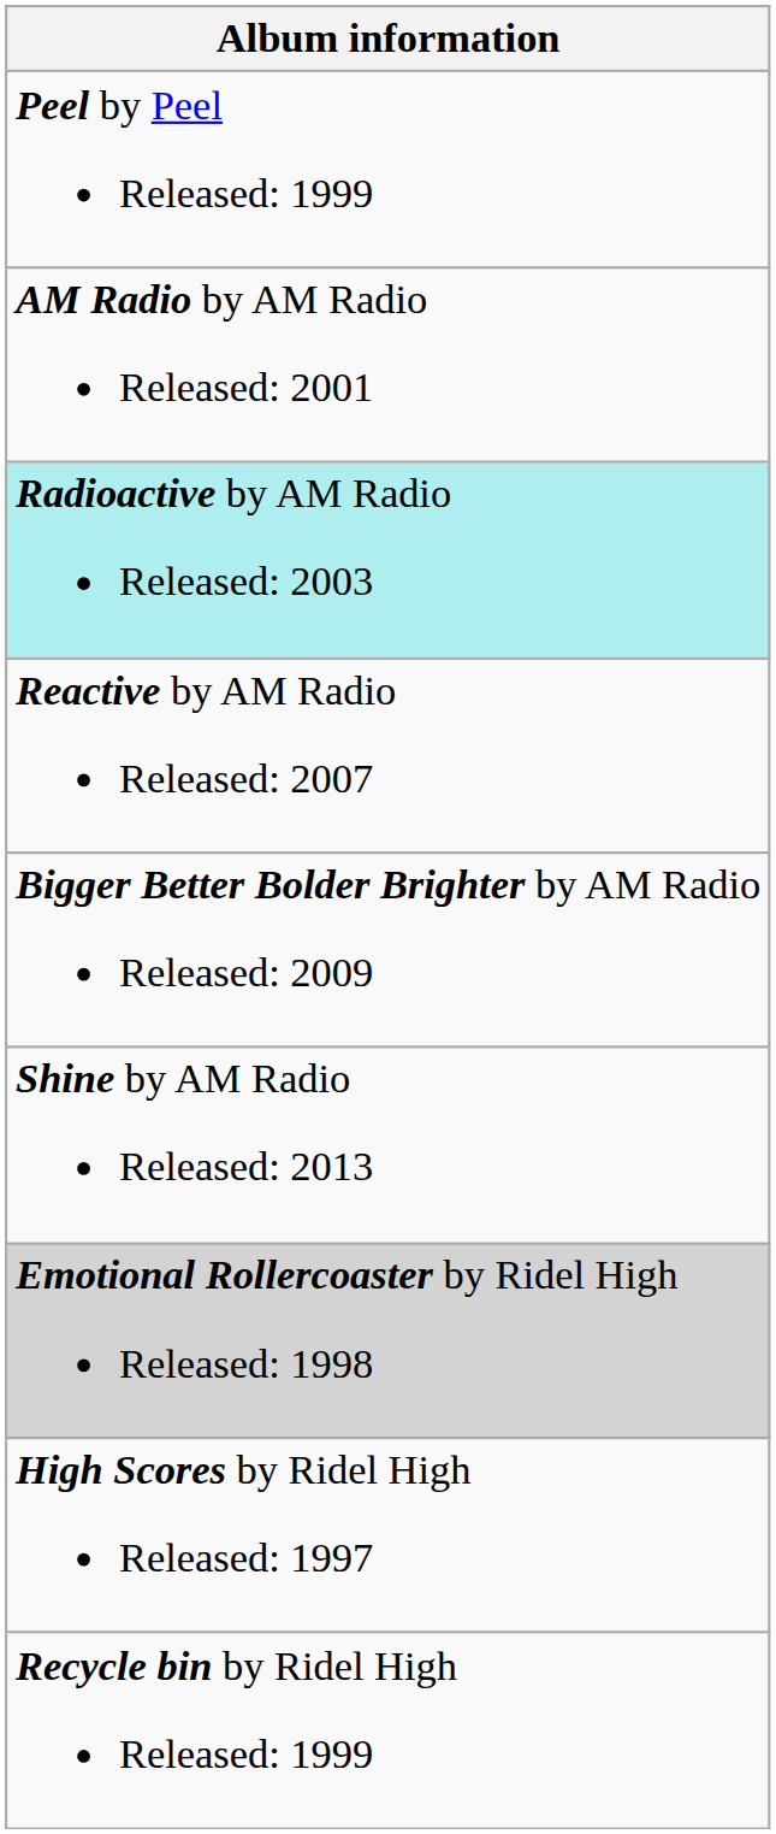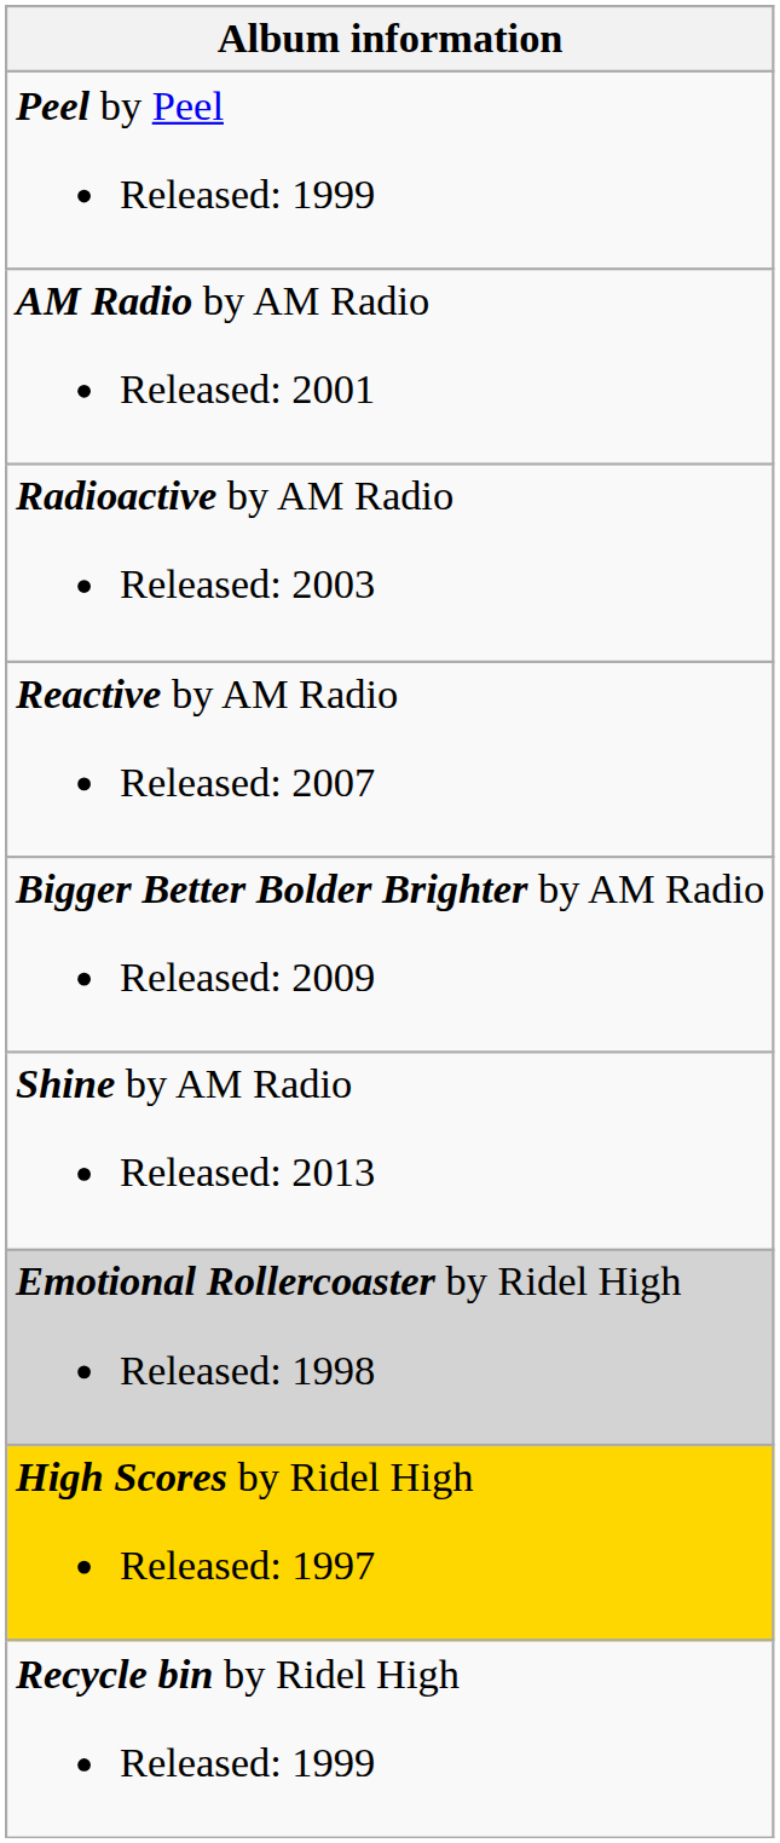 <table class="wikitable">
 <tr>
 <th align="left">Album information</th>
 </tr>
 <tr>
 <td align="left"><strong><em>Peel</em></strong> by <a href='#'>Peel</a><br><ul><li>Released: 1999</li></ul></td>
 </tr>
 <tr>
 <td align="left"><strong><em>AM Radio</em></strong> by AM Radio<br><ul><li>Released: 2001</li></ul></td>
 </tr>
 <tr>
-<td align="left" style="background: paleturquoise;"><strong><em>Radioactive</em></strong> by AM Radio<br><ul><li>Released: 2003</li></ul></td>
+<td align="left"><strong><em>Radioactive</em></strong> by AM Radio<br><ul><li>Released: 2003</li></ul></td>
 </tr>
 <tr>
 <td align="left"><strong><em>Reactive</em></strong> by AM Radio<br><ul><li>Released: 2007</li></ul></td>
 </tr>
 <tr>
 <td align="left"><strong><em>Bigger Better Bolder Brighter</em></strong> by AM Radio<br><ul><li>Released: 2009</li></ul></td>
 </tr>
 <tr>
 <td align="left"><strong><em>Shine</em></strong> by AM Radio<br><ul><li>Released: 2013</li></ul></td>
 </tr>
 <tr>
 <td align="left" style="background: lightgrey;"><strong><em>Emotional Rollercoaster</em></strong> by Ridel High<br><ul><li>Released: 1998</li></ul></td>
 </tr>
 <tr>
-<td align="left"><strong><em>High Scores</em></strong> by Ridel High<br><ul><li>Released: 1997</li></ul></td>
+<td align="left" style="background: gold;"><strong><em>High Scores</em></strong> by Ridel High<br><ul><li>Released: 1997</li></ul></td>
 </tr>
 <tr>
 <td align="left"><strong><em>Recycle bin</em></strong> by Ridel High<br><ul><li>Released: 1999</li></ul></td>
 </tr>
 </table>
